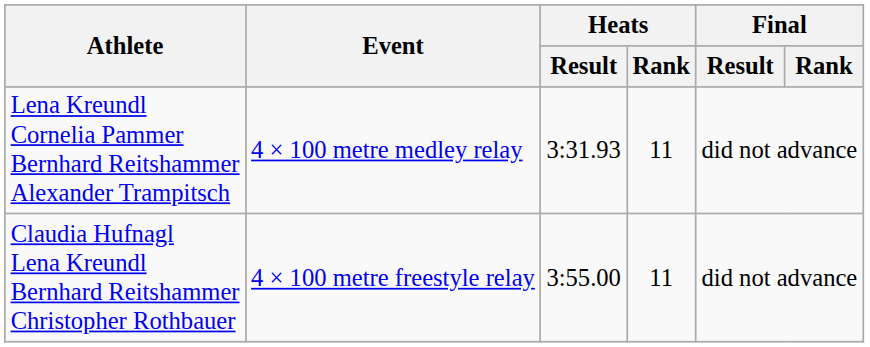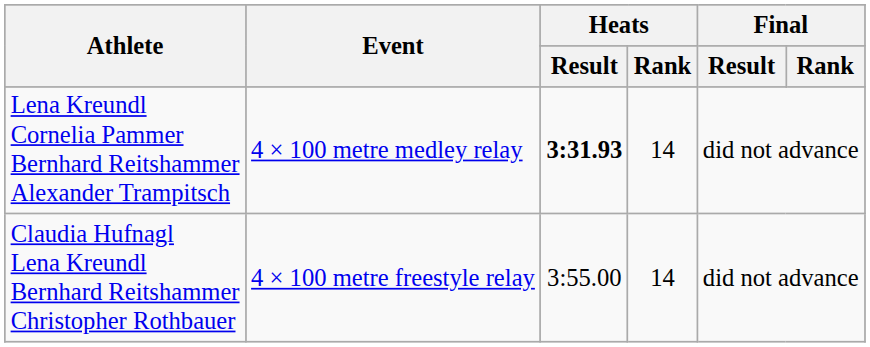 <table class="wikitable" border="1" style="font-size:90%; text-align:center">
 <tr>
 <th rowspan="2">Athlete</th>
 <th rowspan="2">Event</th>
 <th colspan="2">Heats</th>
 <th colspan="2">Final</th>
 </tr>
 <tr>
 <th>Result</th>
 <th>Rank</th>
 <th>Result</th>
 <th>Rank</th>
 </tr>
 <tr>
 <td align="left"><a href='#'>Lena Kreundl</a><br><a href='#'>Cornelia Pammer</a><br><a href='#'>Bernhard Reitshammer</a><br><a href='#'>Alexander Trampitsch</a></td>
 <td align="left"><a href='#'>4 × 100 metre medley relay</a></td>
-<td>3:31.93</td>
-<td>11</td>
+<td><strong>3:31.93</strong></td>
+<td>14</td>
 <td colspan=2>did not advance</td>
 </tr>
 <tr>
 <td align="left"><a href='#'>Claudia Hufnagl</a><br><a href='#'>Lena Kreundl</a><br><a href='#'>Bernhard Reitshammer</a><br><a href='#'>Christopher Rothbauer</a></td>
 <td align="left"><a href='#'>4 × 100 metre freestyle relay</a></td>
 <td>3:55.00</td>
-<td>11</td>
+<td>14</td>
 <td colspan=2>did not advance</td>
 </tr>
 </table>
